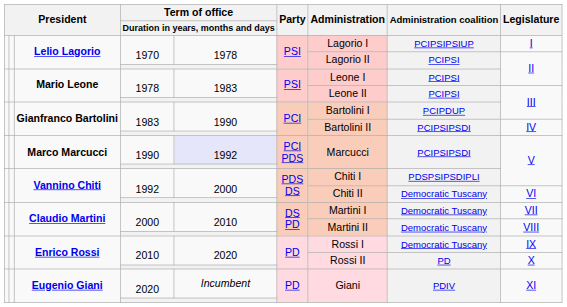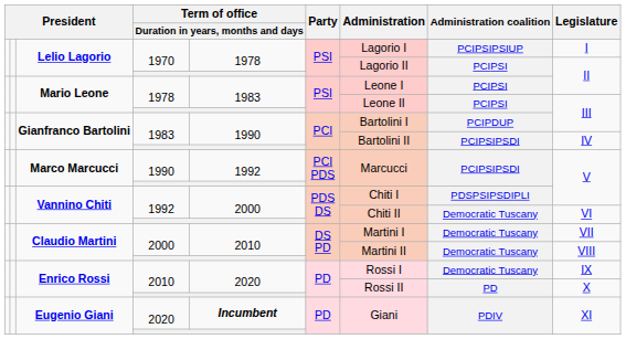 <table class="wikitable" style="text-align:center">
 <tr>
 <th rowspan=2 colspan=3>President</th>
 <th colspan=2>Term of office</th>
 <th rowspan=2>Party</th>
 <th rowspan=2>Administration</th>
 <th rowspan=2 style="font-size:90%; line-height:normal">Administration coalition</th>
 <th rowspan=2>Legislature</th>
 </tr>
 <tr>
 <th colspan=2 style="font-size:85%; line-height:normal">Duration in years, months and days</th>
 </tr>
 <tr>
 <td rowspan=3><strong></strong></td>
 <td rowspan=3></td>
 <td rowspan=3><strong><a href='#'>Lelio Lagorio</a></strong><br></td>
 <td rowspan=2><br>1970</td>
 <td rowspan=2><br>1978</td>
 <td rowspan=3 bgcolor=#FFCCCC><a href='#'>PSI</a></td>
 <td bgcolor=#FFCCCC>Lagorio I</td>
 <th style="font-weight:normal; text-align:center; font-size:90%"><a href='#'>PCI</a><a href='#'>PSI</a><a href='#'>PSIUP</a></th>
 <td><a href='#'>I<br></a></td>
 </tr>
 <tr>
 <td rowspan=2 bgcolor=#FFCCCC>Lagorio II</td>
 <th rowspan=2 style="font-weight:normal; text-align:center; font-size:90%"><a href='#'>PCI</a><a href='#'>PSI</a></th>
 <td rowspan=3><a href='#'>II<br></a></td>
 </tr>
 <tr>
 <th colspan=2 style="font-weight:normal; text-align:center; font-size:90%"></th>
 </tr>
 <tr>
 <td rowspan=3><strong></strong></td>
 <td rowspan=3></td>
 <td rowspan=3><strong>Mario Leone</strong><br></td>
 <td rowspan=2><br>1978</td>
 <td rowspan=2><br>1983</td>
 <td rowspan=3 bgcolor=#FFCCCC><a href='#'>PSI</a></td>
 <td bgcolor=#FFCCCC>Leone I</td>
 <th style="font-weight:normal; text-align:center; font-size:90%"><a href='#'>PCI</a><a href='#'>PSI</a></th>
 </tr>
 <tr>
 <td rowspan=2 bgcolor=#FFCCCC>Leone II</td>
 <th rowspan=2 style="font-weight:normal; text-align:center; font-size:90%"><a href='#'>PCI</a><a href='#'>PSI</a></th>
 <td rowspan=3><a href='#'>III<br></a></td>
 </tr>
 <tr>
 <th colspan=2 style="font-weight:normal; text-align:center; font-size:90%"></th>
 </tr>
 <tr>
 <td rowspan=3><strong></strong></td>
 <td rowspan=3></td>
 <td rowspan=3><strong>Gianfranco Bartolini</strong><br></td>
 <td rowspan=2><br>1983</td>
 <td rowspan=2><br>1990</td>
 <td rowspan=3 bgcolor=#FACDBA><a href='#'>PCI</a></td>
 <td bgcolor=#FACDBA>Bartolini I</td>
 <th style="font-weight:normal; text-align:center; font-size:90%"><a href='#'>PCI</a><a href='#'>PDUP</a></th>
 </tr>
 <tr>
 <td rowspan=2 bgcolor=#FACDBA>Bartolini II</td>
 <th rowspan=2 style="font-weight:normal; text-align:center; font-size:90%"><a href='#'>PCI</a><a href='#'>PSI</a><a href='#'>PSDI</a></th>
 <td rowspan=2><a href='#'>IV<br></a></td>
 </tr>
 <tr>
 <th colspan=2 style="font-weight:normal; text-align:center; font-size:90%"></th>
 </tr>
 <tr>
 <td rowspan=2><strong></strong></td>
 <td rowspan=2></td>
 <td rowspan=2><strong>Marco Marcucci</strong><br></td>
 <td><br>1990</td>
-<td style="background: lavender;"><br>1992</td>
+<td><br>1992</td>
 <td rowspan=2 bgcolor=#FACDBA><a href='#'>PCI</a><br><a href='#'>PDS</a></td>
 <td rowspan=2 bgcolor=#FACDBA>Marcucci</td>
 <th rowspan=2 style="font-weight:normal; text-align:center; font-size:90%"><a href='#'>PCI</a><a href='#'>PSI</a><a href='#'>PSDI</a></th>
 <td rowspan=3><a href='#'>V<br></a></td>
 </tr>
 <tr>
 <th colspan=2 style="font-weight:normal; text-align:center; font-size:90%"></th>
 </tr>
 <tr>
 <td rowspan=3><strong></strong></td>
 <td rowspan=3></td>
 <td rowspan=3><strong><a href='#'>Vannino Chiti</a></strong><br></td>
 <td rowspan=2><br>1992</td>
 <td rowspan=2><br>2000</td>
 <td rowspan=3 bgcolor=#FACDBA><a href='#'>PDS</a><br><a href='#'>DS</a></td>
 <td bgcolor=#FACDBA>Chiti I</td>
 <th style="font-weight:normal; text-align:center; font-size:90%"><a href='#'>PDS</a><a href='#'>PSI</a><a href='#'>PSDI</a><a href='#'>PLI</a></th>
 </tr>
 <tr>
 <td rowspan=2 bgcolor=#FACDBA>Chiti II</td>
 <th rowspan=2 style="font-weight:normal; text-align:center; font-size:90%"><a href='#'>Democratic Tuscany</a><br></th>
 <td rowspan=2><a href='#'>VI<br></a></td>
 </tr>
 <tr>
 <th colspan=2 style="font-weight:normal; text-align:center; font-size:90%"></th>
 </tr>
 <tr>
 <td rowspan=3><strong></strong></td>
 <td rowspan=3></td>
 <td rowspan=3><strong><a href='#'>Claudio Martini</a></strong><br></td>
 <td rowspan=2><br>2000</td>
 <td rowspan=2><br>2010</td>
 <td rowspan=3 bgcolor=#FACDBA><a href='#'>DS</a><br><a href='#'>PD</a></td>
 <td bgcolor=#FACDBA>Martini I</td>
 <th style="font-weight:normal; text-align:center; font-size:90%"><a href='#'>Democratic Tuscany</a><br></th>
 <td><a href='#'>VII<br></a></td>
 </tr>
 <tr>
 <td rowspan=2 bgcolor=#FACDBA>Martini II</td>
 <th rowspan=2 style="font-weight:normal; text-align:center; font-size:90%"><a href='#'>Democratic Tuscany</a><br></th>
 <td rowspan=2><a href='#'>VIII<br></a></td>
 </tr>
 <tr>
 <th colspan=2 style="font-weight:normal; text-align:center; font-size:90%"></th>
 </tr>
 <tr>
 <td rowspan=3><strong></strong></td>
 <td rowspan=3></td>
 <td rowspan=3><strong><a href='#'>Enrico Rossi</a></strong><br></td>
 <td rowspan=2><br>2010</td>
 <td rowspan=2><br>2020</td>
 <td rowspan=3 bgcolor=#FFDAE1><a href='#'>PD</a></td>
 <td bgcolor=#FFDAE1>Rossi I</td>
 <th style="font-weight:normal; text-align:center; font-size:90%"><a href='#'>Democratic Tuscany</a><br></th>
 <td><a href='#'>IX<br></a></td>
 </tr>
 <tr>
 <td rowspan=2 bgcolor=#FFDAE1>Rossi II</td>
 <th rowspan=2 style="font-weight:normal; text-align:center; font-size:90%"><a href='#'>PD</a></th>
 <td rowspan=2><a href='#'>X<br></a></td>
 </tr>
 <tr>
 <th colspan=2 style="font-weight:normal; text-align:center; font-size:90%"></th>
 </tr>
 <tr>
 <td rowspan=2><strong></strong></td>
 <td rowspan=2></td>
 <td rowspan=2><strong><a href='#'>Eugenio Giani</a></strong><br></td>
 <td><br>2020</td>
-<td><em>Incumbent</em></td>
+<td><strong><em>Incumbent</em></strong></td>
 <td rowspan=2 bgcolor=#FFDAE1><a href='#'>PD</a></td>
 <td rowspan=2 bgcolor=#FFDAE1>Giani</td>
 <th rowspan=2 style="font-weight:normal; text-align:center; font-size:90%"><a href='#'>PD</a><a href='#'>IV</a></th>
 <td rowspan=2><a href='#'>XI<br></a></td>
 </tr>
 <tr>
 <th colspan=2 style="font-weight:normal; text-align:center; font-size:90%"></th>
 </tr>
 </table>
